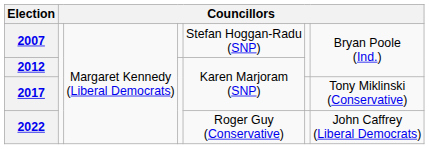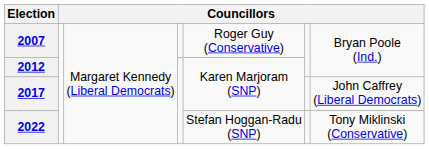 <table class="wikitable" style="text-align:center">
 <tr>
 <th>Election</th>
 <th colspan="6">Councillors</th>
 </tr>
 <tr>
 <th><a href='#'>2007</a></th>
 <td rowspan=4; style="background-color: "></td>
 <td rowspan="4">Margaret Kennedy<br>(<a href='#'>Liberal Democrats</a>)</td>
 <td rowspan=1; style="background-color: "></td>
-<td rowspan=1>Stefan Hoggan-Radu<br>(<a href='#'>SNP</a>)</td>
+<td rowspan=1>Roger Guy<br>(<a href='#'>Conservative</a>)</td>
 <td rowspan=2; style="background-color: "></td>
 <td rowspan=2>Bryan Poole<br>(<a href='#'>Ind.</a>)</td>
 </tr>
 <tr>
 <th><a href='#'>2012</a></th>
 <td rowspan=3; style="background-color: "></td>
 <td rowspan=2>Karen Marjoram<br>(<a href='#'>SNP</a>)</td>
 </tr>
 <tr>
 <th><a href='#'>2017</a></th>
 <td rowspan=1; style="background-color: "></td>
-<td rowspan=1>Tony Miklinski<br>(<a href='#'>Conservative</a>)</td>
+<td rowspan="1">John Caffrey<br>(<a href='#'>Liberal Democrats</a>)</td>
 </tr>
 <tr>
 <th><a href='#'>2022</a></th>
-<td rowspan=1>Roger Guy<br>(<a href='#'>Conservative</a>)</td>
+<td rowspan=1>Stefan Hoggan-Radu<br>(<a href='#'>SNP</a>)</td>
 <td rowspan=1; style="background-color: "></td>
-<td rowspan="1">John Caffrey<br>(<a href='#'>Liberal Democrats</a>)</td>
+<td rowspan=1>Tony Miklinski<br>(<a href='#'>Conservative</a>)</td>
 </tr>
 </table>
